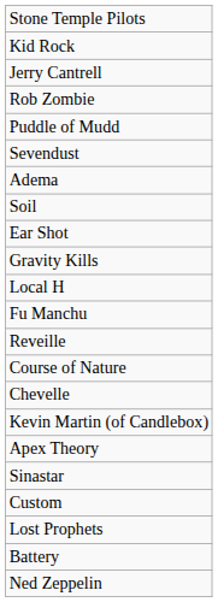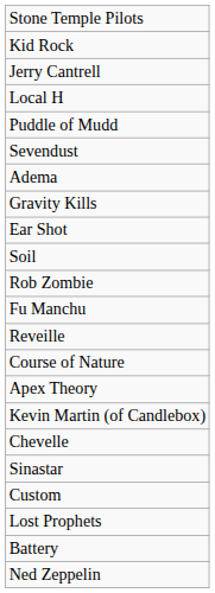 <table class="wikitable">
 <tr>
 <td>Stone Temple Pilots</td>
 </tr>
 <tr>
 <td>Kid Rock</td>
 </tr>
 <tr>
 <td>Jerry Cantrell</td>
 </tr>
 <tr>
-<td>Rob Zombie</td>
+<td>Local H</td>
 </tr>
 <tr>
 <td>Puddle of Mudd</td>
 </tr>
 <tr>
 <td>Sevendust</td>
 </tr>
 <tr>
 <td>Adema</td>
 </tr>
 <tr>
-<td>Soil</td>
+<td>Gravity Kills</td>
 </tr>
 <tr>
 <td>Ear Shot</td>
 </tr>
 <tr>
-<td>Gravity Kills</td>
+<td>Soil</td>
 </tr>
 <tr>
-<td>Local H</td>
+<td>Rob Zombie</td>
 </tr>
 <tr>
 <td>Fu Manchu</td>
 </tr>
 <tr>
 <td>Reveille</td>
 </tr>
 <tr>
 <td>Course of Nature</td>
 </tr>
 <tr>
-<td>Chevelle</td>
+<td>Apex Theory</td>
 </tr>
 <tr>
 <td>Kevin Martin (of Candlebox)</td>
 </tr>
 <tr>
-<td>Apex Theory</td>
+<td>Chevelle</td>
 </tr>
 <tr>
 <td>Sinastar</td>
 </tr>
 <tr>
 <td>Custom</td>
 </tr>
 <tr>
 <td>Lost Prophets</td>
 </tr>
 <tr>
 <td>Battery</td>
 </tr>
 <tr>
 <td>Ned Zeppelin</td>
 </tr>
 </table>
